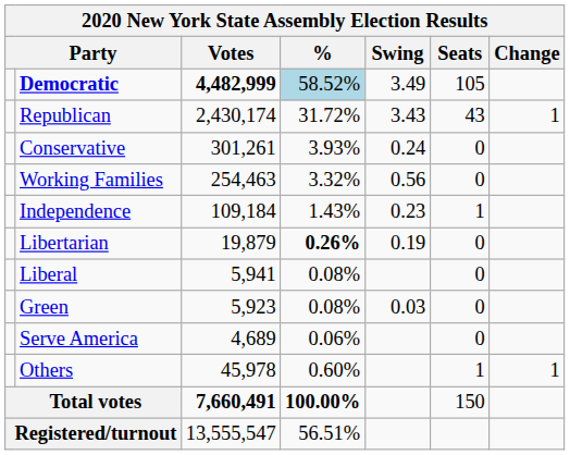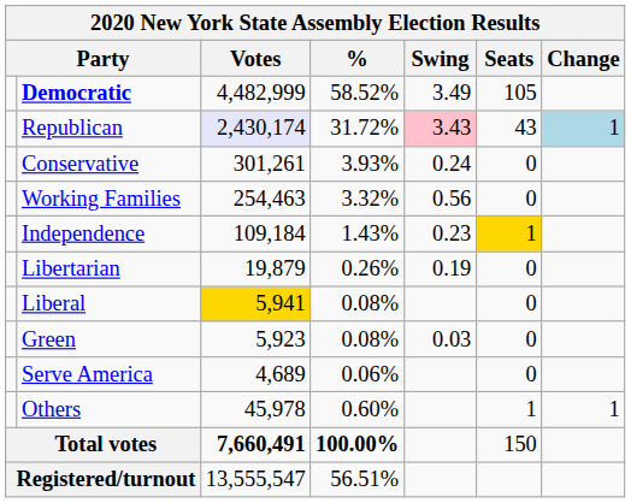 <table class="wikitable" style="text-align:right;  margin-bottom:0">
 <tr>
 <th colspan="7"><strong>2020 New York State Assembly Election Results</strong></th>
 </tr>
 <tr>
 <th colspan="2" style="width:10px">Party</th>
 <th style="width:70px;">Votes</th>
 <th style="width:40px;">%</th>
 <th style="width:45px;">Swing</th>
 <th style="width:40px;">Seats</th>
 <th>Change</th>
 </tr>
 <tr>
 <td style="background:"></td>
 <td style="text-align:left;"><a href='#'><strong>Democratic</strong></a></td>
-<td><strong>4,482,999</strong></td>
-<td style="background: lightblue;">58.52%</td>
+<td>4,482,999</td>
+<td>58.52%</td>
 <td> 3.49</td>
 <td>105</td>
 <td></td>
 </tr>
 <tr>
 <td style="background:"></td>
 <td style="text-align:left;"><a href='#'>Republican</a></td>
-<td>2,430,174</td>
+<td style="background: lavender;">2,430,174</td>
 <td>31.72%</td>
-<td> 3.43</td>
+<td style="background: pink;"> 3.43</td>
 <td>43</td>
-<td> 1</td>
+<td style="background: lightblue;"> 1</td>
 </tr>
 <tr>
 <td style="background:"></td>
 <td style="text-align:left;"><a href='#'>Conservative</a></td>
 <td>301,261</td>
 <td>3.93%</td>
 <td> 0.24</td>
 <td>0</td>
 <td></td>
 </tr>
 <tr>
 <td style="background:"></td>
 <td style="text-align:left;"><a href='#'>Working Families</a></td>
 <td>254,463</td>
 <td>3.32%</td>
 <td> 0.56</td>
 <td>0</td>
 <td></td>
 </tr>
 <tr>
 <td style="background:"></td>
 <td style="text-align:left;"><a href='#'>Independence</a></td>
 <td>109,184</td>
 <td>1.43%</td>
 <td> 0.23</td>
-<td>1</td>
+<td style="background: gold;">1</td>
 <td></td>
 </tr>
 <tr>
 <td style="background:"></td>
 <td style="text-align:left;"><a href='#'>Libertarian</a></td>
 <td>19,879</td>
-<td><strong>0.26%</strong></td>
+<td>0.26%</td>
 <td> 0.19</td>
 <td>0</td>
 <td></td>
 </tr>
 <tr>
 <td style="background:"></td>
 <td style="text-align:left;"><a href='#'>Liberal</a></td>
-<td>5,941</td>
+<td style="background: gold;">5,941</td>
 <td>0.08%</td>
 <td></td>
 <td>0</td>
 <td></td>
 </tr>
 <tr>
 <td style="background:"></td>
 <td style="text-align:left;"><a href='#'>Green</a></td>
 <td>5,923</td>
 <td>0.08%</td>
 <td> 0.03</td>
 <td>0</td>
 <td></td>
 </tr>
 <tr>
 <td style="background:"></td>
 <td style="text-align:left;"><a href='#'>Serve America</a></td>
 <td>4,689</td>
 <td>0.06%</td>
 <td></td>
 <td>0</td>
 <td></td>
 </tr>
 <tr>
 <td style="background:"></td>
 <td style="text-align:left;"><a href='#'>Others</a></td>
 <td>45,978</td>
 <td>0.60%</td>
 <td></td>
 <td>1</td>
 <td> 1</td>
 </tr>
 <tr>
 <th colspan="2" rowspan="1"> <strong>Total votes</strong></th>
 <td><strong>7,660,491</strong></td>
 <td><strong>100.00%</strong></td>
 <td></td>
 <td>150</td>
 <td></td>
 </tr>
 <tr>
 <th colspan="2" rowspan="1"> Registered/turnout</th>
 <td>13,555,547</td>
 <td>56.51%</td>
 <td></td>
 <td></td>
 <td></td>
 </tr>
 </table>
